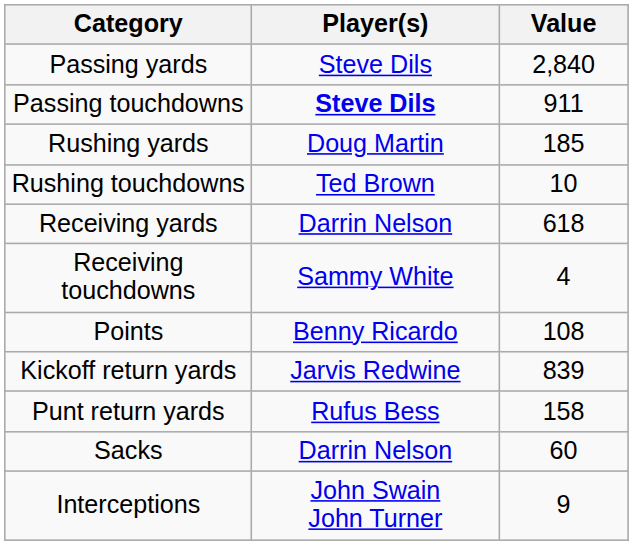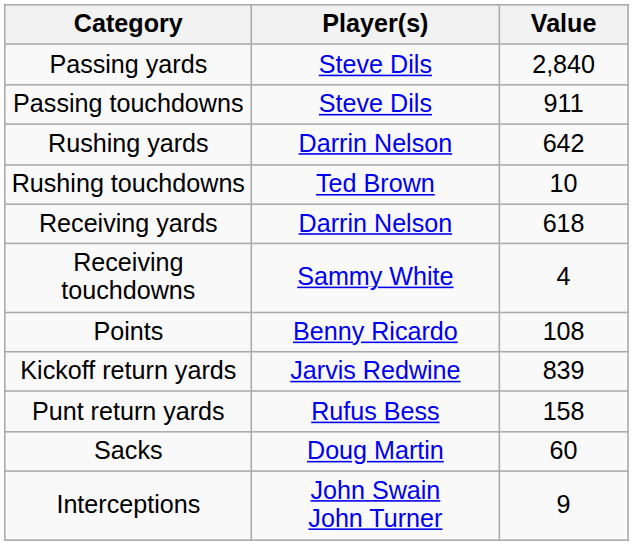 <table class="wikitable" style="text-align:center">
 <tr>
 <th width=150px>Category</th>
 <th width=150px>Player(s)</th>
 <th width=75px>Value</th>
 </tr>
 <tr>
 <td>Passing yards</td>
 <td><a href='#'>Steve Dils</a></td>
 <td>2,840</td>
 </tr>
 <tr>
 <td>Passing touchdowns</td>
-<td><strong><a href='#'>Steve Dils</a></strong></td>
+<td><a href='#'>Steve Dils</a></td>
 <td>911</td>
 </tr>
 <tr>
 <td>Rushing yards</td>
-<td><a href='#'>Doug Martin</a></td>
-<td>185</td>
+<td><a href='#'>Darrin Nelson</a></td>
+<td>642</td>
 </tr>
 <tr>
 <td>Rushing touchdowns</td>
 <td><a href='#'>Ted Brown</a></td>
 <td>10</td>
 </tr>
 <tr>
 <td>Receiving yards</td>
 <td><a href='#'>Darrin Nelson</a></td>
 <td>618</td>
 </tr>
 <tr>
 <td>Receiving touchdowns</td>
 <td><a href='#'>Sammy White</a></td>
 <td>4</td>
 </tr>
 <tr>
 <td>Points</td>
 <td><a href='#'>Benny Ricardo</a></td>
 <td>108</td>
 </tr>
 <tr>
 <td>Kickoff return yards</td>
 <td><a href='#'>Jarvis Redwine</a></td>
 <td>839</td>
 </tr>
 <tr>
 <td>Punt return yards</td>
 <td><a href='#'>Rufus Bess</a></td>
 <td>158</td>
 </tr>
 <tr>
 <td>Sacks</td>
-<td><a href='#'>Darrin Nelson</a></td>
+<td><a href='#'>Doug Martin</a></td>
 <td>60</td>
 </tr>
 <tr>
 <td>Interceptions</td>
 <td><a href='#'>John Swain</a> <br> <a href='#'>John Turner</a></td>
 <td>9</td>
 </tr>
 </table>
